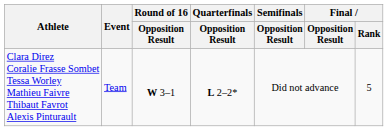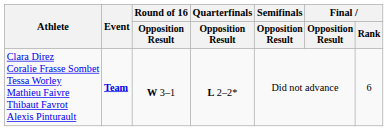 <table class=wikitable style=font-size:90%;text-align:center>
 <tr>
 <th rowspan="2">Athlete</th>
 <th rowspan="2">Event</th>
 <th>Round of 16</th>
 <th>Quarterfinals</th>
 <th>Semifinals</th>
 <th colspan=2>Final / </th>
 </tr>
 <tr style="font-size:95%">
 <th>Opposition<br>Result</th>
 <th>Opposition<br>Result</th>
 <th>Opposition<br>Result</th>
 <th>Opposition<br>Result</th>
 <th>Rank</th>
 </tr>
 <tr>
 <td align=left><a href='#'>Clara Direz</a><br><a href='#'>Coralie Frasse Sombet</a><br><a href='#'>Tessa Worley</a><br><a href='#'>Mathieu Faivre</a><br><a href='#'>Thibaut Favrot</a><br><a href='#'>Alexis Pinturault</a></td>
-<td align=left><a href='#'>Team</a></td>
+<td align=left><strong><a href='#'>Team</a></strong></td>
 <td><br><strong>W</strong> 3–1</td>
 <td><br><strong>L</strong> 2–2*</td>
 <td colspan=2>Did not advance</td>
-<td>5</td>
+<td>6</td>
 </tr>
 </table>
